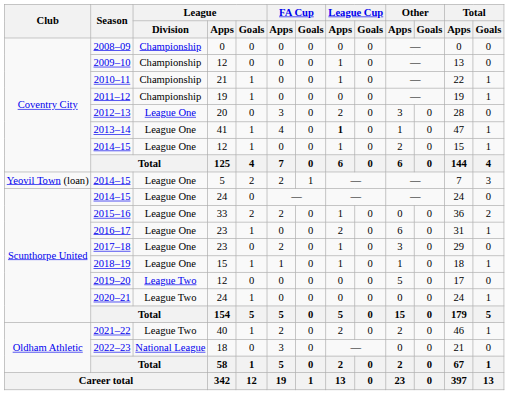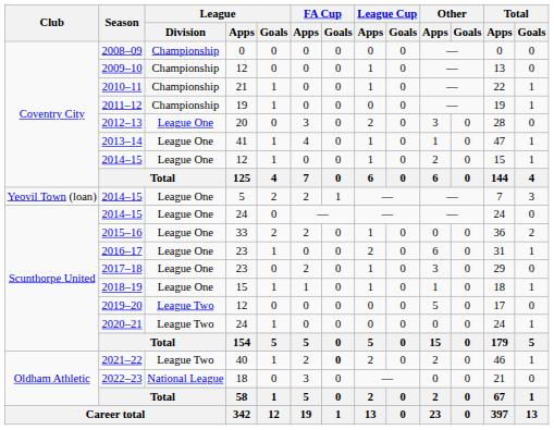 <table class=wikitable style="text-align: center">
 <tr>
 <th rowspan=2>Club</th>
 <th rowspan=2>Season</th>
 <th colspan=3>League</th>
 <th colspan=2><a href='#'>FA Cup</a></th>
 <th colspan=2><a href='#'>League Cup</a></th>
 <th colspan=2>Other</th>
 <th colspan=2>Total</th>
 </tr>
 <tr>
 <th>Division</th>
 <th>Apps</th>
 <th>Goals</th>
 <th>Apps</th>
 <th>Goals</th>
 <th>Apps</th>
 <th>Goals</th>
 <th>Apps</th>
 <th>Goals</th>
 <th>Apps</th>
 <th>Goals</th>
 </tr>
 <tr>
 <td rowspan=8><a href='#'>Coventry City</a></td>
 <td><a href='#'>2008–09</a></td>
 <td><a href='#'>Championship</a></td>
 <td>0</td>
 <td>0</td>
 <td>0</td>
 <td>0</td>
 <td>0</td>
 <td>0</td>
 <td colspan=2>—</td>
 <td>0</td>
 <td>0</td>
 </tr>
 <tr>
 <td><a href='#'>2009–10</a></td>
 <td>Championship</td>
 <td>12</td>
 <td>0</td>
 <td>0</td>
 <td>0</td>
 <td>1</td>
 <td>0</td>
 <td colspan=2>—</td>
 <td>13</td>
 <td>0</td>
 </tr>
 <tr>
 <td><a href='#'>2010–11</a></td>
 <td>Championship</td>
 <td>21</td>
 <td>1</td>
 <td>0</td>
 <td>0</td>
 <td>1</td>
 <td>0</td>
 <td colspan=2>—</td>
 <td>22</td>
 <td>1</td>
 </tr>
 <tr>
 <td><a href='#'>2011–12</a></td>
 <td>Championship</td>
 <td>19</td>
 <td>1</td>
 <td>0</td>
 <td>0</td>
 <td>0</td>
 <td>0</td>
 <td colspan=2>—</td>
 <td>19</td>
 <td>1</td>
 </tr>
 <tr>
 <td><a href='#'>2012–13</a></td>
 <td><a href='#'>League One</a></td>
 <td>20</td>
 <td>0</td>
 <td>3</td>
 <td>0</td>
 <td>2</td>
 <td>0</td>
 <td>3</td>
 <td>0</td>
 <td>28</td>
 <td>0</td>
 </tr>
 <tr>
 <td><a href='#'>2013–14</a></td>
 <td>League One</td>
 <td>41</td>
 <td>1</td>
 <td>4</td>
 <td>0</td>
-<td><strong>1</strong></td>
+<td>1</td>
 <td>0</td>
 <td>1</td>
 <td>0</td>
 <td>47</td>
 <td>1</td>
 </tr>
 <tr>
 <td><a href='#'>2014–15</a></td>
 <td>League One</td>
 <td>12</td>
 <td>1</td>
 <td>0</td>
 <td>0</td>
 <td>1</td>
 <td>0</td>
 <td>2</td>
 <td>0</td>
 <td>15</td>
 <td>1</td>
 </tr>
 <tr>
 <th colspan=2>Total</th>
 <th>125</th>
 <th>4</th>
 <th>7</th>
 <th>0</th>
 <th>6</th>
 <th>0</th>
 <th>6</th>
 <th>0</th>
 <th>144</th>
 <th>4</th>
 </tr>
 <tr>
 <td><a href='#'>Yeovil Town</a> (loan)</td>
 <td><a href='#'>2014–15</a></td>
 <td>League One</td>
 <td>5</td>
 <td>2</td>
 <td>2</td>
 <td>1</td>
 <td colspan=2>—</td>
 <td colspan=2>—</td>
 <td>7</td>
 <td>3</td>
 </tr>
 <tr>
 <td rowspan=8><a href='#'>Scunthorpe United</a></td>
 <td><a href='#'>2014–15</a></td>
 <td>League One</td>
 <td>24</td>
 <td>0</td>
 <td colspan=2>—</td>
 <td colspan=2>—</td>
 <td colspan=2>—</td>
 <td>24</td>
 <td>0</td>
 </tr>
 <tr>
 <td><a href='#'>2015–16</a></td>
 <td>League One</td>
 <td>33</td>
 <td>2</td>
 <td>2</td>
 <td>0</td>
 <td>1</td>
 <td>0</td>
 <td>0</td>
 <td>0</td>
 <td>36</td>
 <td>2</td>
 </tr>
 <tr>
 <td><a href='#'>2016–17</a></td>
 <td>League One</td>
 <td>23</td>
 <td>1</td>
 <td>0</td>
 <td>0</td>
 <td>2</td>
 <td>0</td>
 <td>6</td>
 <td>0</td>
 <td>31</td>
 <td>1</td>
 </tr>
 <tr>
 <td><a href='#'>2017–18</a></td>
 <td>League One</td>
 <td>23</td>
 <td>0</td>
 <td>2</td>
 <td>0</td>
 <td>1</td>
 <td>0</td>
 <td>3</td>
 <td>0</td>
 <td>29</td>
 <td>0</td>
 </tr>
 <tr>
 <td><a href='#'>2018–19</a></td>
 <td>League One</td>
 <td>15</td>
 <td>1</td>
 <td>1</td>
 <td>0</td>
 <td>1</td>
 <td>0</td>
 <td>1</td>
 <td>0</td>
 <td>18</td>
 <td>1</td>
 </tr>
 <tr>
 <td><a href='#'>2019–20</a></td>
 <td><a href='#'>League Two</a></td>
 <td>12</td>
 <td>0</td>
 <td>0</td>
 <td>0</td>
 <td>0</td>
 <td>0</td>
 <td>5</td>
 <td>0</td>
 <td>17</td>
 <td>0</td>
 </tr>
 <tr>
 <td><a href='#'>2020–21</a></td>
 <td>League Two</td>
 <td>24</td>
 <td>1</td>
 <td>0</td>
 <td>0</td>
 <td>0</td>
 <td>0</td>
 <td>0</td>
 <td>0</td>
 <td>24</td>
 <td>1</td>
 </tr>
 <tr>
 <th colspan=2>Total</th>
 <th>154</th>
 <th>5</th>
 <th>5</th>
 <th>0</th>
 <th>5</th>
 <th>0</th>
 <th>15</th>
 <th>0</th>
 <th>179</th>
 <th>5</th>
 </tr>
 <tr>
 <td rowspan="3"><a href='#'>Oldham Athletic</a></td>
 <td><a href='#'>2021–22</a></td>
 <td>League Two</td>
 <td>40</td>
 <td>1</td>
 <td>2</td>
-<td>0</td>
+<td><strong>0</strong></td>
 <td>2</td>
 <td>0</td>
 <td>2</td>
 <td>0</td>
 <td>46</td>
 <td>1</td>
 </tr>
 <tr>
 <td><a href='#'>2022–23</a></td>
 <td><a href='#'>National League</a></td>
 <td>18</td>
 <td>0</td>
 <td>3</td>
 <td>0</td>
 <td colspan="2">—</td>
 <td>0</td>
 <td>0</td>
 <td>21</td>
 <td>0</td>
 </tr>
 <tr>
 <th colspan="2">Total</th>
 <th>58</th>
 <th>1</th>
 <th>5</th>
 <th>0</th>
 <th>2</th>
 <th>0</th>
 <th>2</th>
 <th>0</th>
 <th>67</th>
 <th>1</th>
 </tr>
 <tr>
 <th colspan=3>Career total</th>
 <th>342</th>
 <th>12</th>
 <th>19</th>
 <th>1</th>
 <th>13</th>
 <th>0</th>
 <th>23</th>
 <th>0</th>
 <th>397</th>
 <th>13</th>
 </tr>
 </table>
